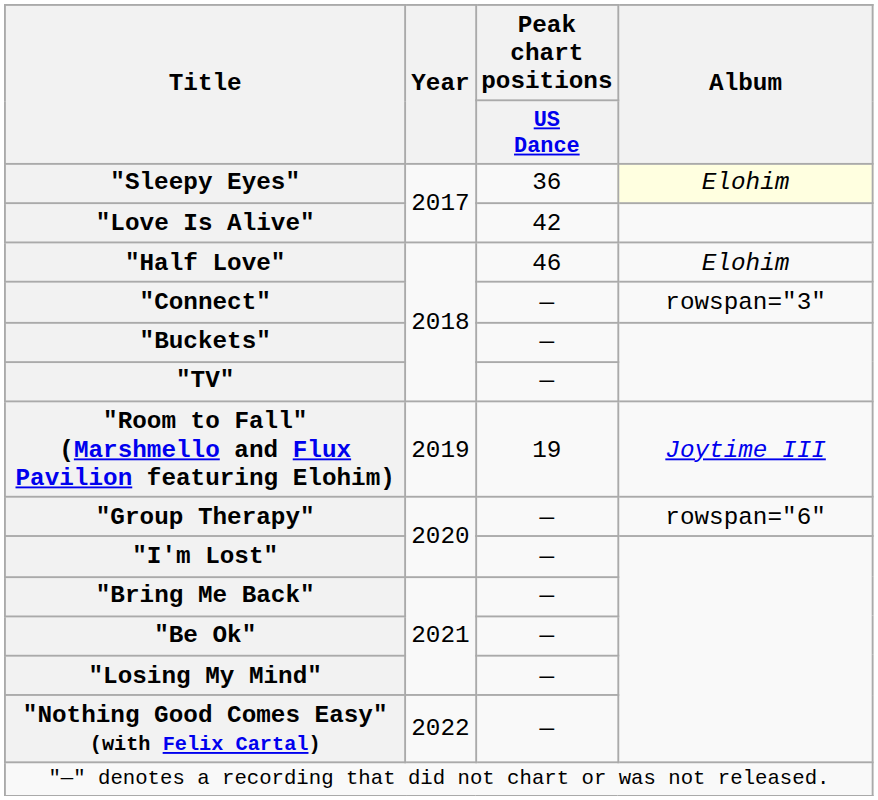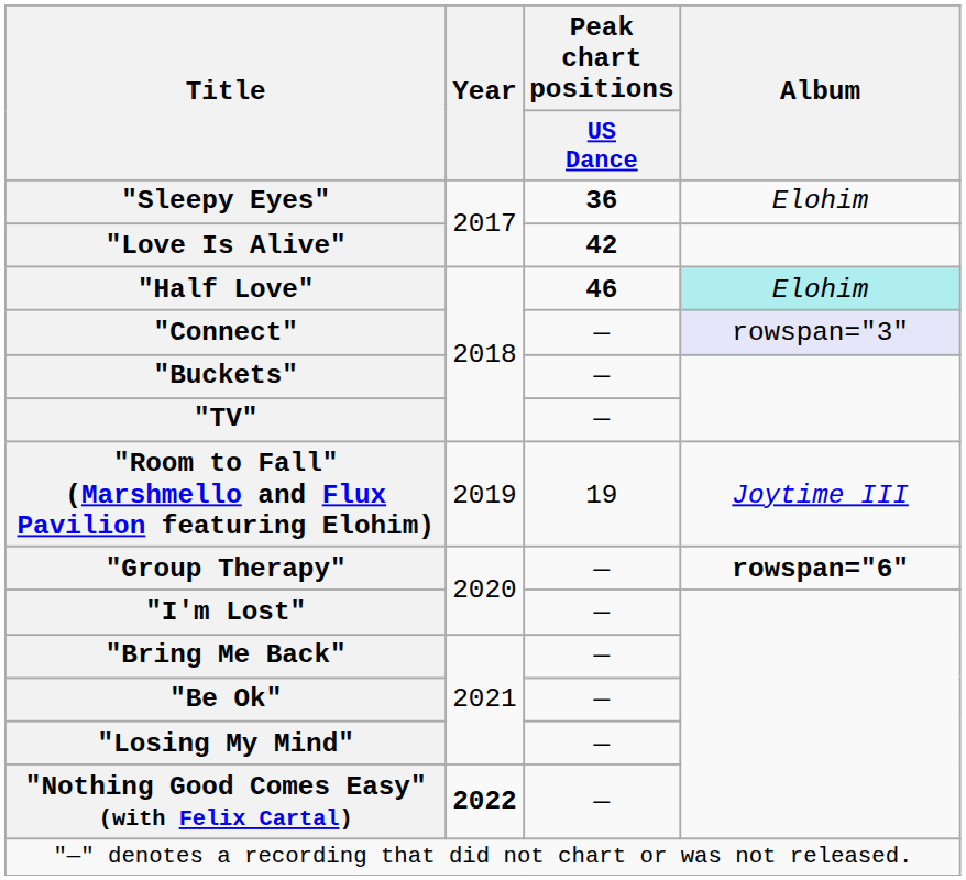 <table class="wikitable plainrowheaders" style="text-align:center;">
 <tr>
 <th scope="col" rowspan="2" style="width:16em;">Title</th>
 <th scope="col" rowspan="2" style="width:1em;">Year</th>
 <th scope="col">Peak chart positions</th>
 <th scope="col" rowspan="2" style="width:10em;">Album</th>
 </tr>
 <tr>
 <th scope="col" style="width:2.5em;font-size:90%;"><a href='#'>US<br>Dance</a><br></th>
 </tr>
 <tr>
 <th scope="row">"Sleepy Eyes"<br></th>
 <td rowspan="2">2017</td>
-<td>36</td>
-<td style="background: lightyellow;"><em>Elohim</em></td>
+<td><strong>36</strong></td>
+<td><em>Elohim</em></td>
 </tr>
 <tr>
 <th scope="row">"Love Is Alive"<br></th>
-<td>42</td>
+<td><strong>42</strong></td>
 <td></td>
 </tr>
 <tr>
 <th scope="row">"Half Love"</th>
 <td rowspan="4">2018</td>
-<td>46</td>
-<td><em>Elohim</em></td>
+<td><strong>46</strong></td>
+<td style="background: paleturquoise;"><em>Elohim</em></td>
 </tr>
 <tr>
 <th scope="row">"Connect"</th>
 <td>—</td>
-<td>rowspan="3" </td>
+<td style="background: lavender;">rowspan="3" </td>
 </tr>
 <tr>
 <th scope="row">"Buckets"</th>
 <td>—</td>
 </tr>
 <tr>
 <th scope="row">"TV"</th>
 <td>—</td>
 </tr>
 <tr>
 <th scope="row">"Room to Fall" <br><span>(<a href='#'>Marshmello</a> and <a href='#'>Flux Pavilion</a> featuring Elohim)</span></th>
 <td>2019</td>
 <td>19</td>
 <td><em><a href='#'>Joytime III</a></em></td>
 </tr>
 <tr>
 <th scope="row">"Group Therapy"</th>
 <td rowspan="2">2020</td>
 <td>—</td>
-<td>rowspan="6" </td>
+<td><strong>rowspan="6" </strong></td>
 </tr>
 <tr>
 <th scope="row">"I'm Lost"</th>
 <td>—</td>
 </tr>
 <tr>
 <th scope="row">"Bring Me Back" <br></th>
 <td rowspan="3">2021</td>
 <td>—</td>
 </tr>
 <tr>
 <th scope="row">"Be Ok" <br></th>
 <td>—</td>
 </tr>
 <tr>
 <th scope="row">"Losing My Mind" <br></th>
 <td>—</td>
 </tr>
 <tr>
 <th scope="row">"Nothing Good Comes Easy"<br><small>(with <a href='#'>Felix Cartal</a>)</small></th>
-<td>2022</td>
+<td><strong>2022</strong></td>
 <td>—</td>
 </tr>
 <tr>
 <td colspan="4" style="font-size:85%">"—" denotes a recording that did not chart or was not released.</td>
 </tr>
 </table>
